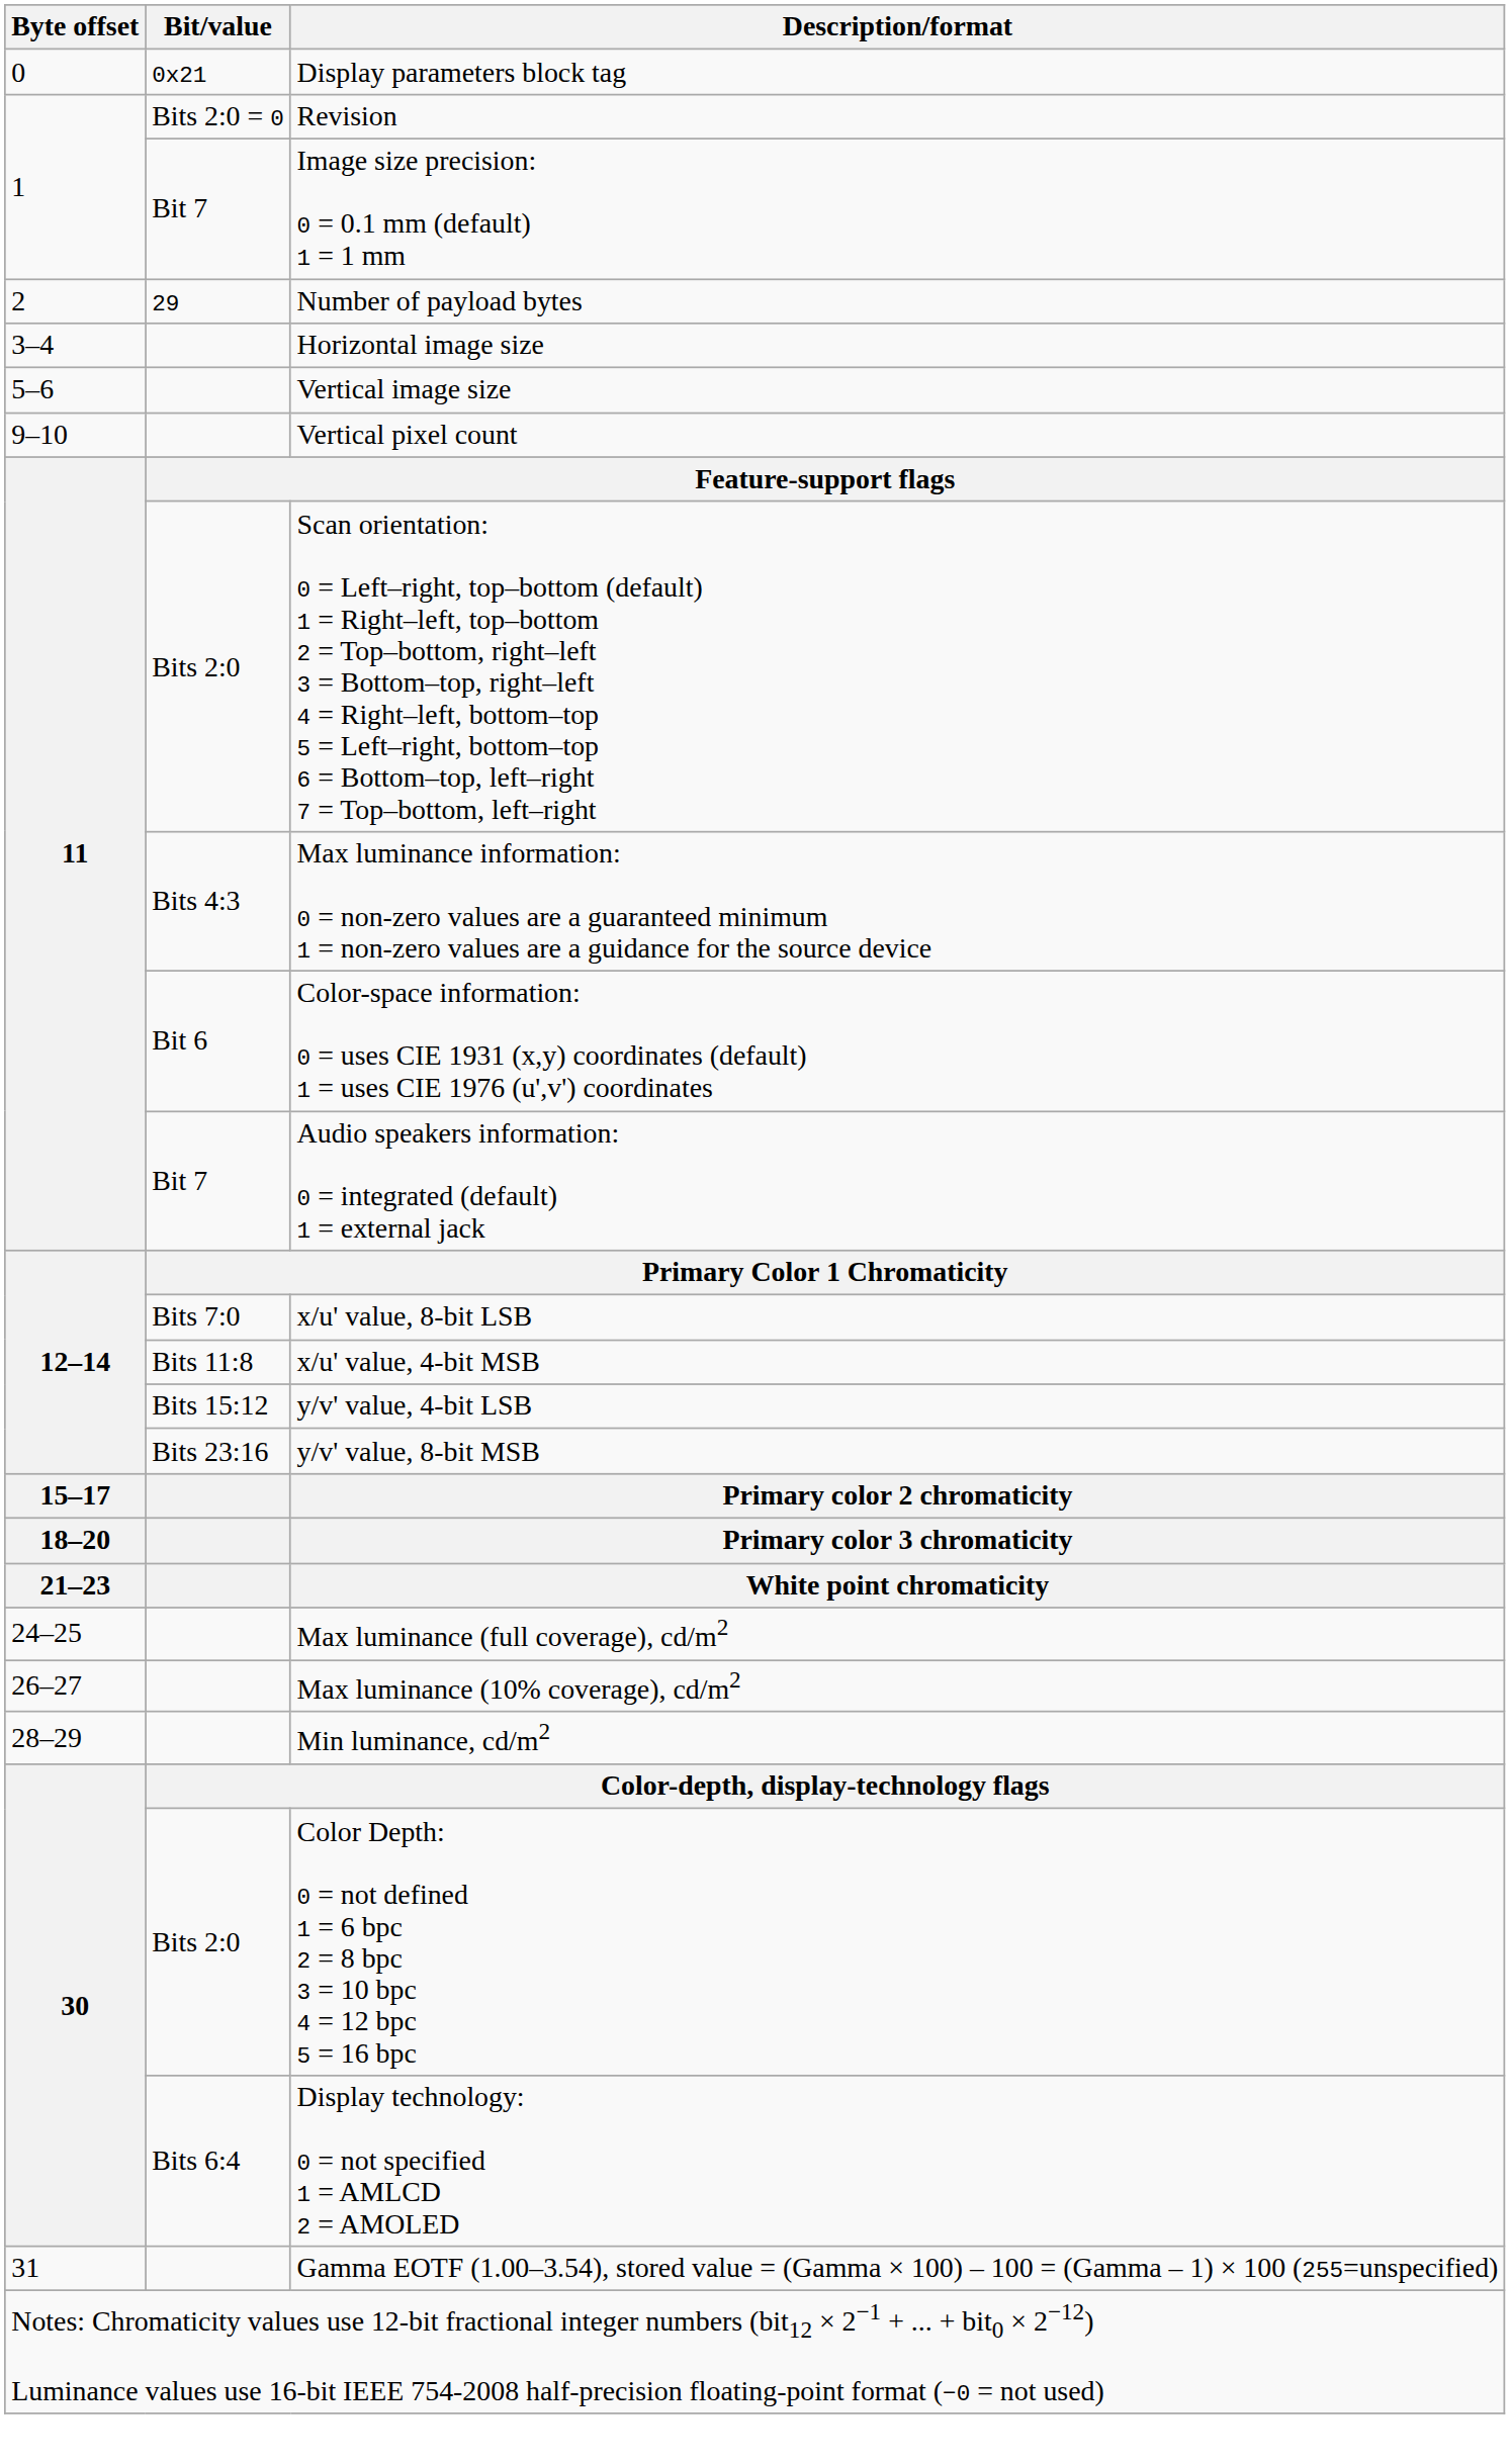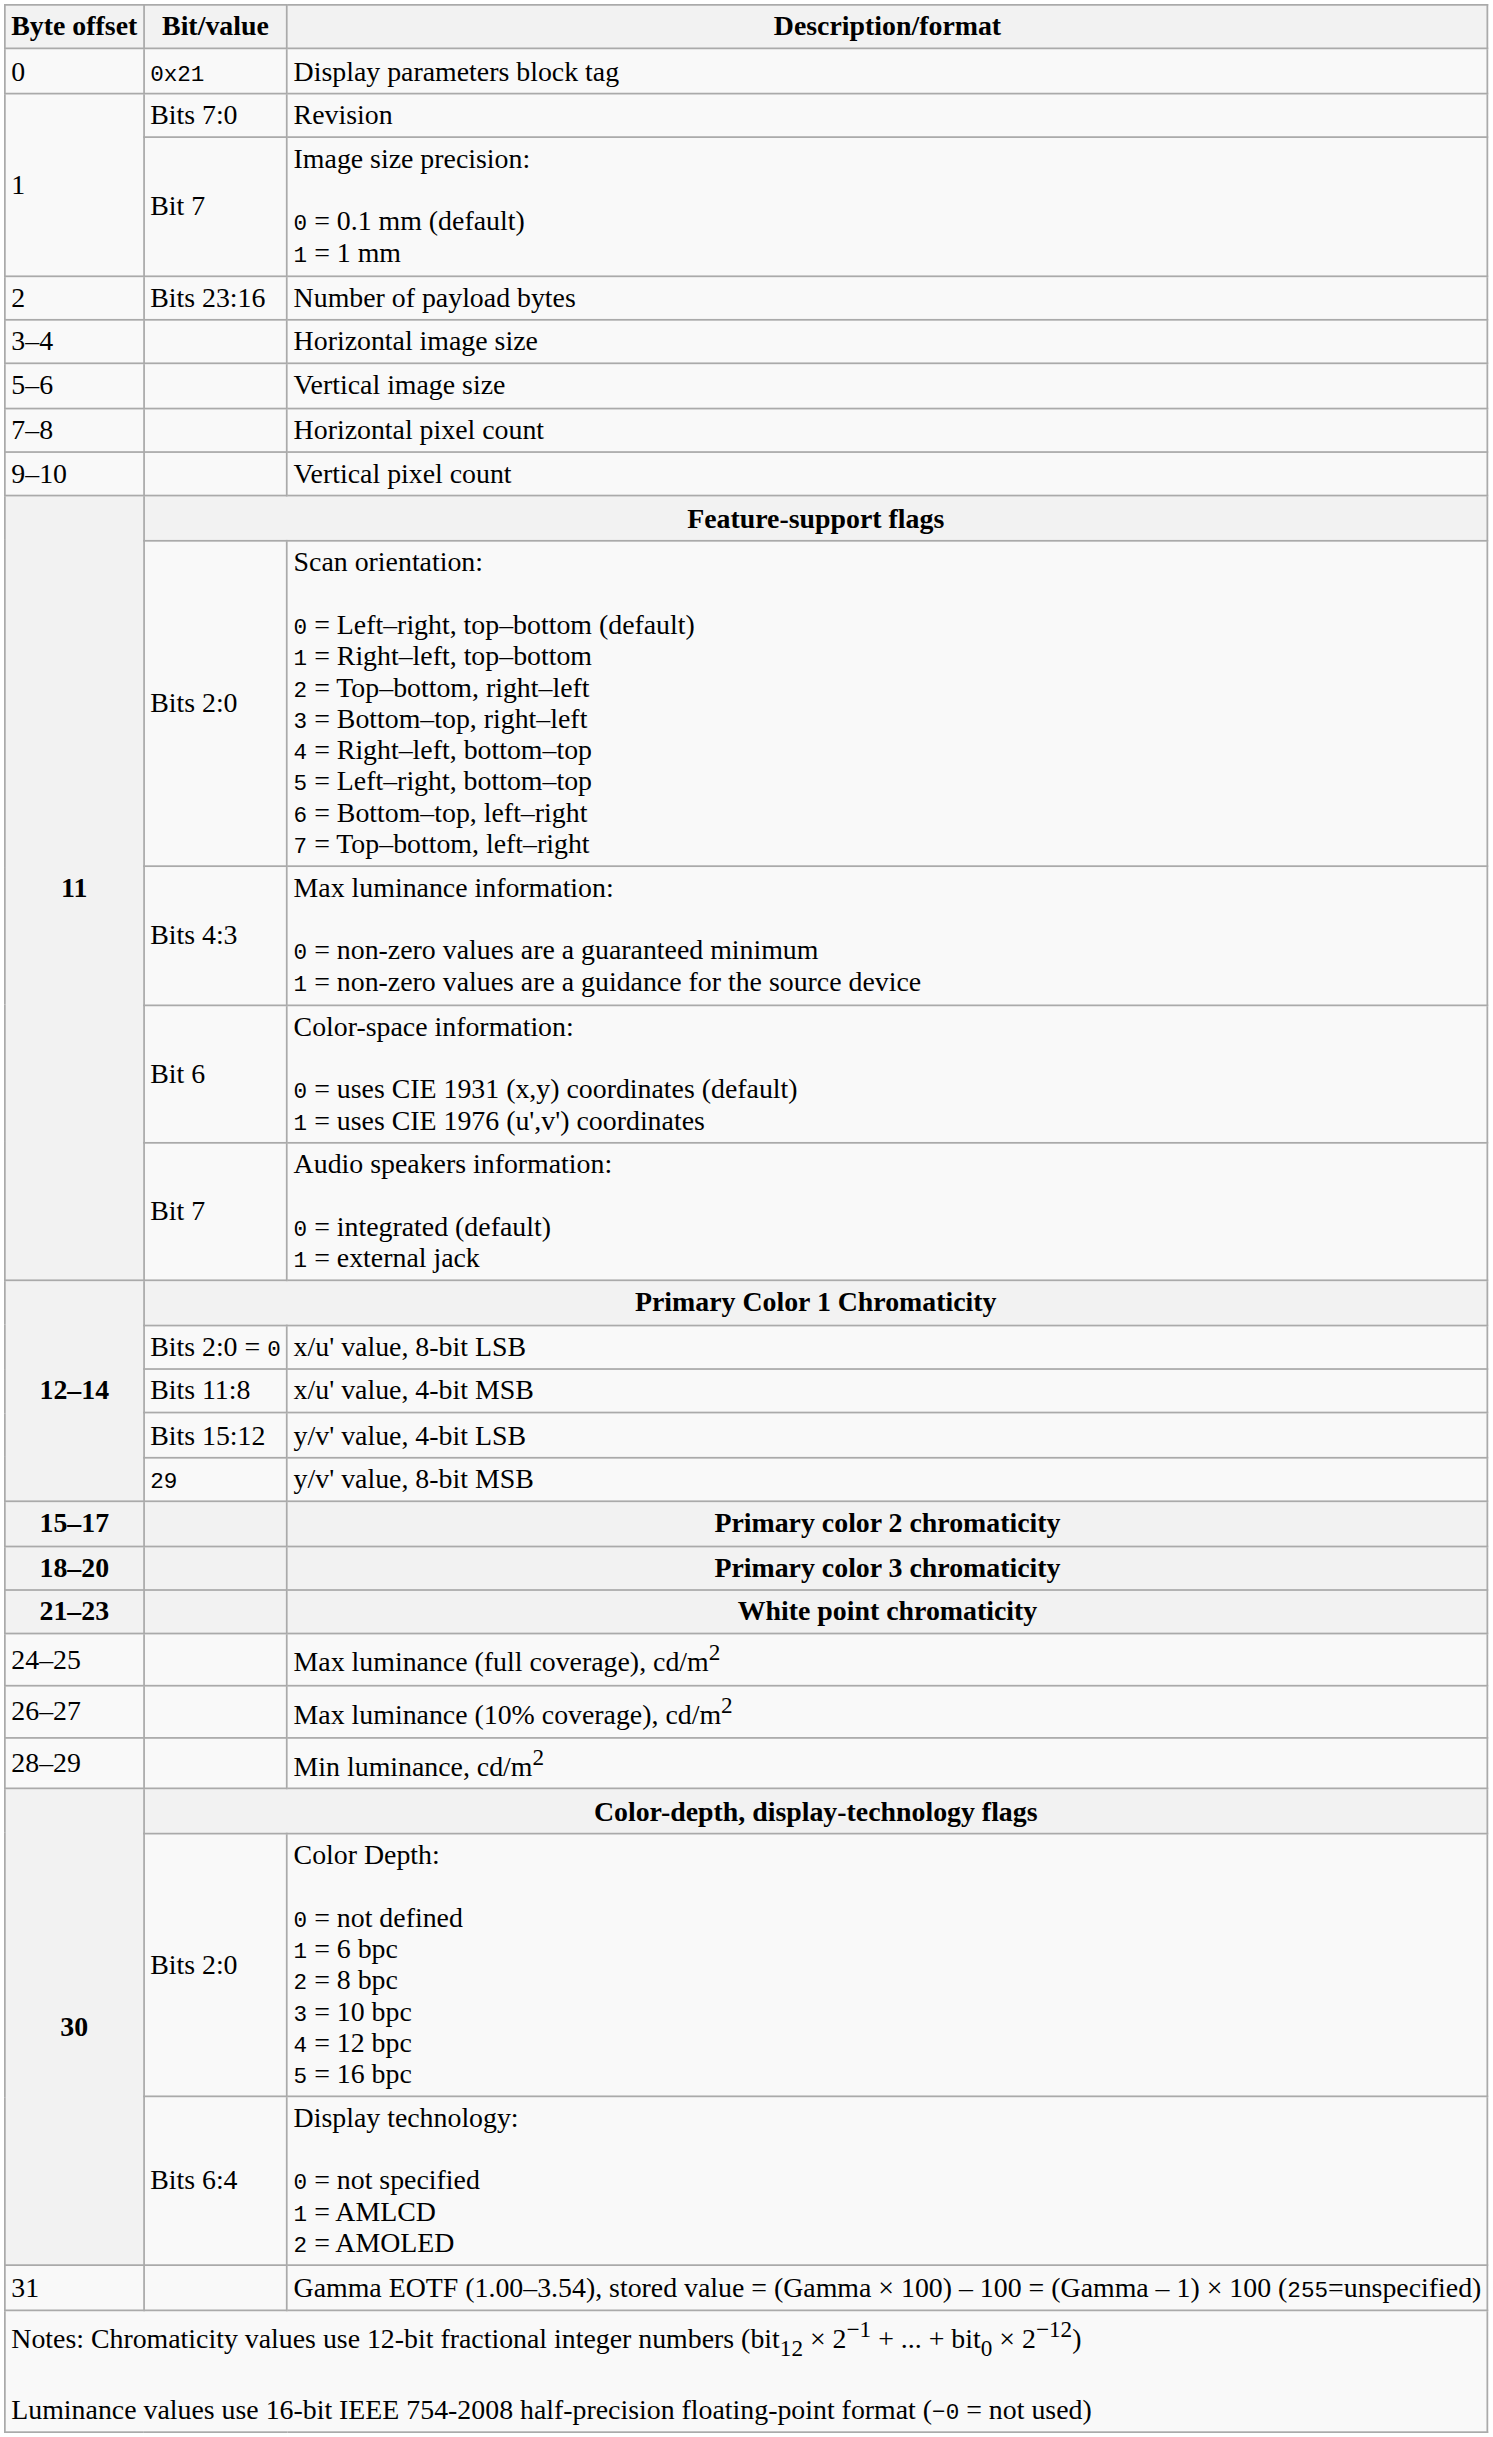 <table class=wikitable>
 <tr>
 <th>Byte offset</th>
 <th>Bit/value</th>
 <th>Description/format</th>
 </tr>
 <tr>
 <td>0</td>
 <td><code>0x21</code></td>
 <td>Display parameters block tag</td>
 </tr>
 <tr>
 <td rowspan=2>1</td>
-<td>Bits 2:0 = <code>0</code></td>
+<td>Bits 7:0</td>
 <td>Revision</td>
 </tr>
 <tr>
 <td>Bit 7</td>
 <td>Image size precision:<br><br><code>0</code> = 0.1 mm (default)<br> <code>1</code> = 1 mm</td>
 </tr>
 <tr>
 <td>2</td>
-<td><code>29</code></td>
+<td>Bits 23:16</td>
 <td>Number of payload bytes</td>
 </tr>
 <tr>
 <td>3–4</td>
 <td></td>
 <td>Horizontal image size</td>
 </tr>
 <tr>
 <td>5–6</td>
 <td></td>
 <td>Vertical image size</td>
+</tr>
+<tr>
+<td>7–8</td>
+<td></td>
+<td>Horizontal pixel count</td>
 </tr>
 <tr>
 <td>9–10</td>
 <td></td>
 <td>Vertical pixel count</td>
 </tr>
 <tr>
 <th rowspan=5>11</th>
 <th colspan=2>Feature-support flags</th>
 </tr>
 <tr>
 <td>Bits 2:0</td>
 <td>Scan orientation:<br><br><code>0</code> = Left–right, top–bottom (default)<br> <code>1</code> = Right–left, top–bottom<br> <code>2</code> = Top–bottom, right–left<br> <code>3</code> = Bottom–top, right–left<br> <code>4</code> = Right–left, bottom–top<br> <code>5</code> = Left–right, bottom–top<br> <code>6</code> = Bottom–top, left–right<br> <code>7</code> = Top–bottom, left–right<br></td>
 </tr>
 <tr>
 <td>Bits 4:3</td>
 <td>Max luminance information:<br><br><code>0</code> = non-zero values are a guaranteed minimum<br> <code>1</code> = non-zero values are a guidance for the source device</td>
 </tr>
 <tr>
 <td>Bit 6</td>
 <td>Color-space information:<br><br><code>0</code> = uses CIE 1931 (x,y) coordinates (default)<br> <code>1</code> = uses CIE 1976 (u',v') coordinates</td>
 </tr>
 <tr>
 <td>Bit 7</td>
 <td>Audio speakers information:<br><br><code>0</code> = integrated (default)<br> <code>1</code> = external jack</td>
 </tr>
 <tr>
 <th rowspan=5>12–14</th>
 <th colspan=2>Primary Color 1 Chromaticity</th>
 </tr>
 <tr>
-<td>Bits 7:0</td>
+<td>Bits 2:0 = <code>0</code></td>
 <td>x/u' value, 8-bit LSB</td>
 </tr>
 <tr>
 <td>Bits 11:8</td>
 <td>x/u' value, 4-bit MSB</td>
 </tr>
 <tr>
 <td>Bits 15:12</td>
 <td>y/v' value, 4-bit LSB</td>
 </tr>
 <tr>
-<td>Bits 23:16</td>
+<td><code>29</code></td>
 <td>y/v' value, 8-bit MSB</td>
 </tr>
 <tr>
 <th>15–17</th>
 <th></th>
 <th>Primary color 2 chromaticity</th>
 </tr>
 <tr>
 <th>18–20</th>
 <th></th>
 <th>Primary color 3 chromaticity</th>
 </tr>
 <tr>
 <th>21–23</th>
 <th></th>
 <th>White point chromaticity</th>
 </tr>
 <tr>
 <td>24–25</td>
 <td></td>
 <td>Max luminance (full coverage), cd/m<sup>2</sup></td>
 </tr>
 <tr>
 <td>26–27</td>
 <td></td>
 <td>Max luminance (10% coverage), cd/m<sup>2</sup></td>
 </tr>
 <tr>
 <td>28–29</td>
 <td></td>
 <td>Min luminance, cd/m<sup>2</sup></td>
 </tr>
 <tr>
 <th rowspan=3>30</th>
 <th colspan=2>Color-depth, display-technology flags</th>
 </tr>
 <tr>
 <td>Bits 2:0</td>
 <td>Color Depth:<br><br><code>0</code> = not defined<br> <code>1</code> = 6 bpc<br> <code>2</code> = 8 bpc<br> <code>3</code> = 10 bpc<br> <code>4</code> = 12 bpc<br> <code>5</code> = 16 bpc</td>
 </tr>
 <tr>
 <td>Bits 6:4</td>
 <td>Display technology:<br><br><code>0</code> = not specified<br> <code>1</code> = AMLCD<br> <code>2</code> = AMOLED</td>
 </tr>
 <tr>
 <td>31</td>
 <td></td>
 <td>Gamma EOTF (1.00–3.54), stored value = (Gamma × 100) – 100 = (Gamma – 1) × 100 (<code>255</code>=unspecified)</td>
 </tr>
 <tr>
 <td colspan=3>Notes: Chromaticity values use 12-bit fractional integer numbers (bit<sub>12</sub> × 2<sup>−1</sup> + ... + bit<sub>0</sub> × 2<sup>−12</sup>)<br><br>Luminance values use 16-bit IEEE 754-2008 half-precision floating-point format (<code>−0</code> = not used)</td>
 </tr>
 </table>
